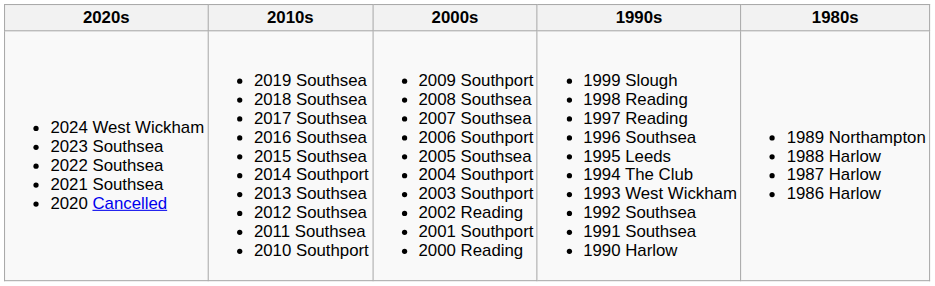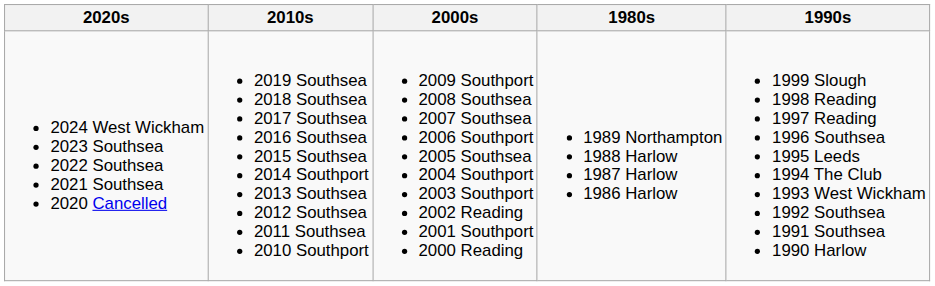 <table class="wikitable">
 <tr>
 <th>2020s</th>
 <th>2010s</th>
 <th>2000s</th>
+<th>1980s</th>
 <th>1990s</th>
-<th>1980s</th>
 </tr>
 <tr>
 <td><br><ul><li>2024	West Wickham</li><li>2023	Southsea</li><li>2022	Southsea</li><li>2021	Southsea</li><li>2020	<a href='#'>Cancelled</a></li></ul></td>
 <td><br><ul><li>2019	Southsea</li><li>2018	Southsea</li><li>2017	Southsea</li><li>2016	Southsea</li><li>2015	Southsea</li><li>2014	Southport</li><li>2013	Southsea</li><li>2012	Southsea</li><li>2011	Southsea</li><li>2010	Southport</li></ul></td>
 <td><br><ul><li>2009	Southport</li><li>2008	Southsea</li><li>2007	Southsea</li><li>2006	Southport</li><li>2005	Southsea</li><li>2004	Southport</li><li>2003	Southport</li><li>2002	Reading</li><li>2001	Southport</li><li>2000	Reading</li></ul></td>
+<td><br><ul><li>1989	Northampton</li><li>1988	Harlow</li><li>1987	Harlow</li><li>1986	Harlow</li></ul></td>
 <td><br><ul><li>1999	Slough</li><li>1998	Reading</li><li>1997	Reading</li><li>1996	Southsea</li><li>1995	Leeds</li><li>1994	The Club</li><li>1993	West Wickham</li><li>1992	Southsea</li><li>1991	Southsea</li><li>1990	Harlow</li></ul></td>
-<td><br><ul><li>1989	Northampton</li><li>1988	Harlow</li><li>1987	Harlow</li><li>1986	Harlow</li></ul></td>
 </tr>
 </table>
